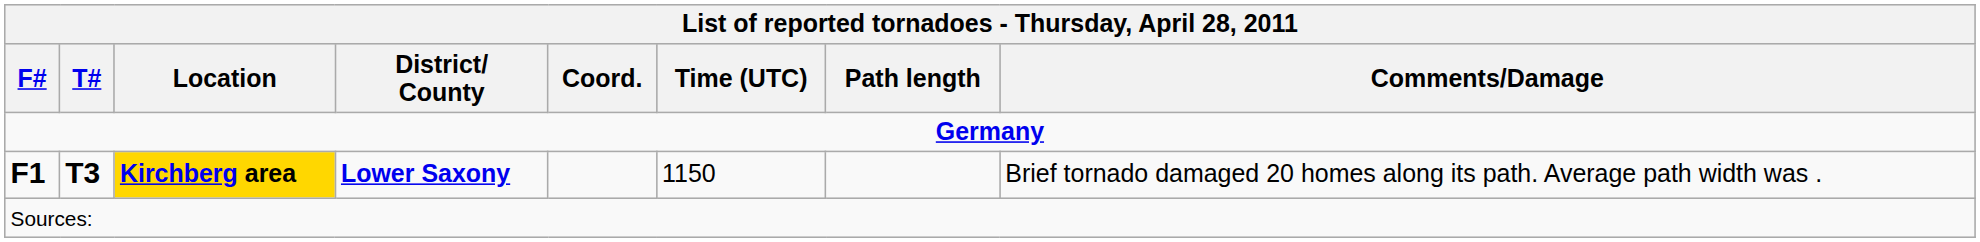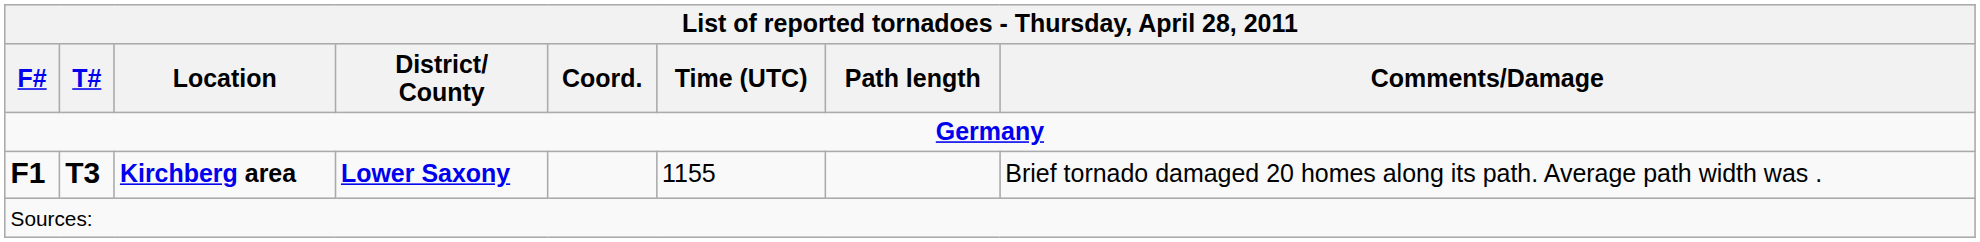 <table class="wikitable collapsible" width="100%">
 <tr>
 <th colspan="8">List of reported tornadoes - Thursday, April 28, 2011</th>
 </tr>
 <tr>
 <th><a href='#'>F#</a></th>
 <th><a href='#'>T#</a></th>
 <th>Location</th>
 <th>District/<br>County</th>
 <th>Coord.</th>
 <th>Time (UTC)</th>
 <th>Path length</th>
 <th>Comments/Damage</th>
 </tr>
 <tr>
 <td colspan="8" align=center><strong><a href='#'>Germany</a></strong></td>
 </tr>
 <tr>
 <td><big><strong>F1</strong></big></td>
 <td><big><strong>T3</strong></big></td>
-<td style="background: gold;"><strong><a href='#'>Kirchberg</a> area</strong></td>
+<td><strong><a href='#'>Kirchberg</a> area</strong></td>
 <td><strong><a href='#'>Lower Saxony</a></strong></td>
 <td></td>
-<td>1150</td>
+<td>1155</td>
 <td></td>
 <td>Brief tornado damaged 20 homes along its path. Average path width was .</td>
 </tr>
 <tr>
 <td colspan="8"><small>Sources:  </small></td>
 </tr>
 </table>
